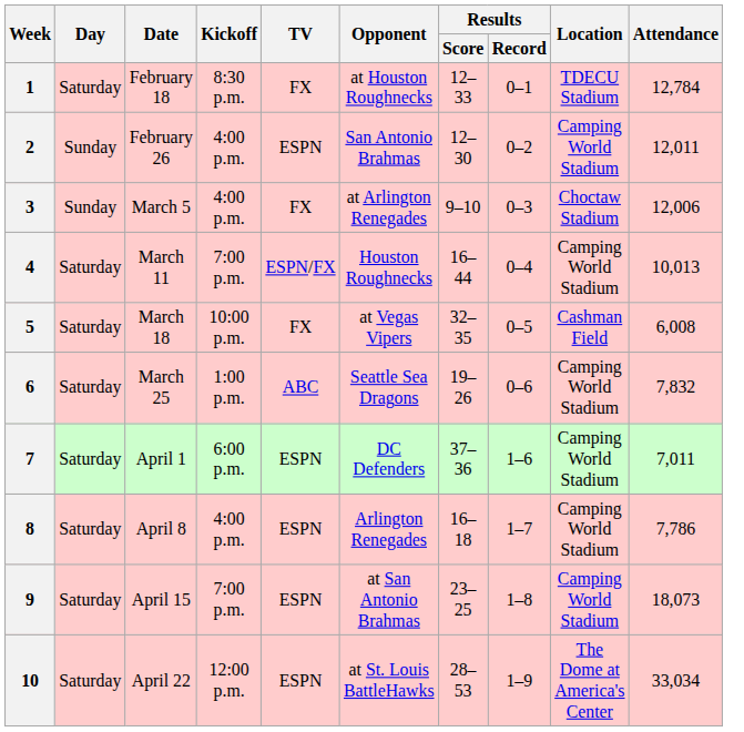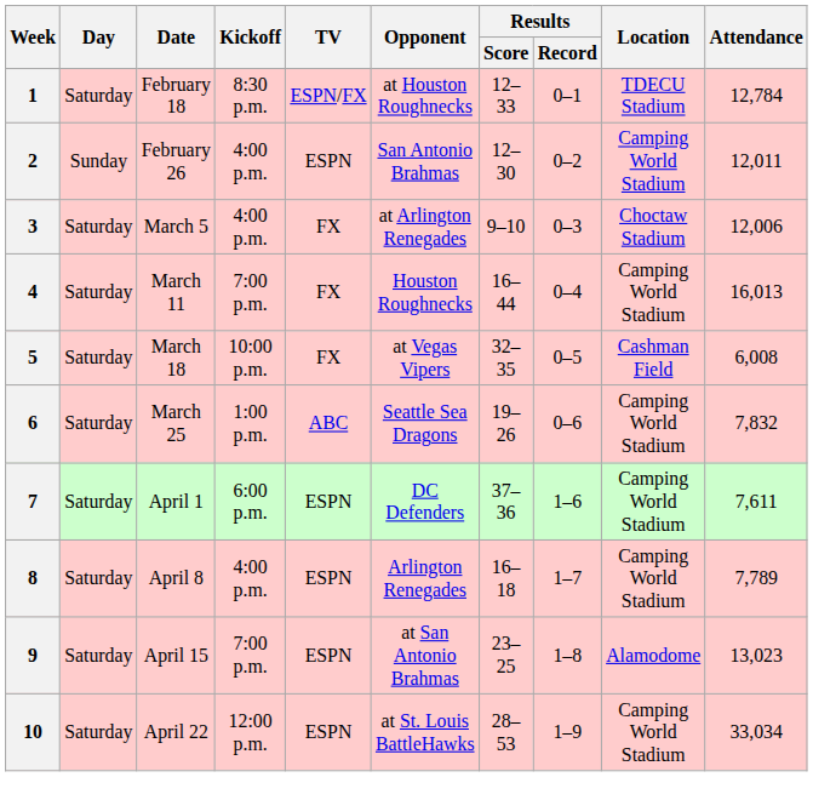 <table class="wikitable" style="text-align:center; font-size: 95%;">
 <tr>
 <th rowspan="2" width="40">Week</th>
 <th rowspan="2" width="80">Day</th>
 <th rowspan="2" width="90">Date</th>
 <th rowspan="2" width="90">Kickoff</th>
 <th rowspan="2" width="60">TV</th>
 <th rowspan="2" width="200">Opponent</th>
 <th colspan="2" width="200">Results</th>
 <th rowspan="2" width="200">Location</th>
 <th rowspan="2">Attendance</th>
 </tr>
 <tr>
 <th width="60">Score</th>
 <th width="60">Record</th>
 </tr>
 <tr bgcolor=#ffcccc>
 <th>1</th>
 <td>Saturday</td>
 <td>February 18</td>
 <td>8:30 p.m.</td>
-<td>FX</td>
+<td><a href='#'>ESPN</a>/<a href='#'>FX</a></td>
 <td>at <a href='#'>Houston Roughnecks</a></td>
 <td>12–33</td>
 <td>0–1</td>
 <td><a href='#'>TDECU Stadium</a></td>
 <td>12,784</td>
 </tr>
 <tr bgcolor=#ffcccc>
 <th>2</th>
 <td>Sunday</td>
 <td>February 26</td>
 <td>4:00 p.m.</td>
 <td>ESPN</td>
 <td><a href='#'>San Antonio Brahmas</a></td>
 <td>12–30</td>
 <td>0–2</td>
 <td><a href='#'>Camping World Stadium</a></td>
 <td>12,011</td>
 </tr>
 <tr bgcolor=#ffcccc>
 <th>3</th>
-<td>Sunday</td>
+<td>Saturday</td>
 <td>March 5</td>
 <td>4:00 p.m.</td>
 <td>FX</td>
 <td>at <a href='#'>Arlington Renegades</a></td>
 <td>9–10</td>
 <td>0–3</td>
 <td><a href='#'>Choctaw Stadium</a></td>
 <td>12,006</td>
 </tr>
 <tr bgcolor=#ffcccc>
 <th>4</th>
 <td>Saturday</td>
 <td>March 11</td>
 <td>7:00 p.m.</td>
-<td><a href='#'>ESPN</a>/<a href='#'>FX</a></td>
+<td>FX</td>
 <td><a href='#'>Houston Roughnecks</a></td>
 <td>16–44</td>
 <td>0–4</td>
 <td>Camping World Stadium</td>
-<td>10,013</td>
+<td>16,013</td>
 </tr>
 <tr bgcolor=#ffcccc>
 <th>5</th>
 <td>Saturday</td>
 <td>March 18</td>
 <td>10:00 p.m.</td>
 <td>FX</td>
 <td>at <a href='#'>Vegas Vipers</a></td>
 <td>32–35</td>
 <td>0–5</td>
 <td><a href='#'>Cashman Field</a></td>
 <td>6,008</td>
 </tr>
 <tr bgcolor=#ffcccc>
 <th>6</th>
 <td>Saturday</td>
 <td>March 25</td>
 <td>1:00 p.m.</td>
 <td><a href='#'>ABC</a></td>
 <td><a href='#'>Seattle Sea Dragons</a></td>
 <td>19–26</td>
 <td>0–6</td>
 <td>Camping World Stadium</td>
 <td>7,832</td>
 </tr>
 <tr bgcolor=#ccffcc>
 <th>7</th>
 <td>Saturday</td>
 <td>April 1</td>
 <td>6:00 p.m.</td>
 <td>ESPN</td>
 <td><a href='#'>DC Defenders</a></td>
 <td>37–36</td>
 <td>1–6</td>
 <td>Camping World Stadium</td>
-<td>7,011</td>
+<td>7,611</td>
 </tr>
 <tr bgcolor=#ffcccc>
 <th>8</th>
 <td>Saturday</td>
 <td>April 8</td>
 <td>4:00 p.m.</td>
 <td>ESPN</td>
 <td><a href='#'>Arlington Renegades</a></td>
 <td>16–18</td>
 <td>1–7</td>
 <td>Camping World Stadium</td>
-<td>7,786</td>
+<td>7,789</td>
 </tr>
 <tr bgcolor=#ffcccc>
 <th>9</th>
 <td>Saturday</td>
 <td>April 15</td>
 <td>7:00 p.m.</td>
 <td>ESPN</td>
 <td>at <a href='#'>San Antonio Brahmas</a></td>
 <td>23–25</td>
 <td>1–8</td>
-<td><a href='#'>Camping World Stadium</a></td>
-<td>18,073</td>
+<td><a href='#'>Alamodome</a></td>
+<td>13,023</td>
 </tr>
 <tr bgcolor=#ffcccc>
 <th>10</th>
 <td>Saturday</td>
 <td>April 22</td>
 <td>12:00 p.m.</td>
 <td>ESPN</td>
 <td>at <a href='#'>St. Louis BattleHawks</a></td>
 <td>28–53</td>
 <td>1–9</td>
-<td><a href='#'>The Dome at America's Center</a></td>
+<td>Camping World Stadium</td>
 <td>33,034</td>
 </tr>
 </table>
